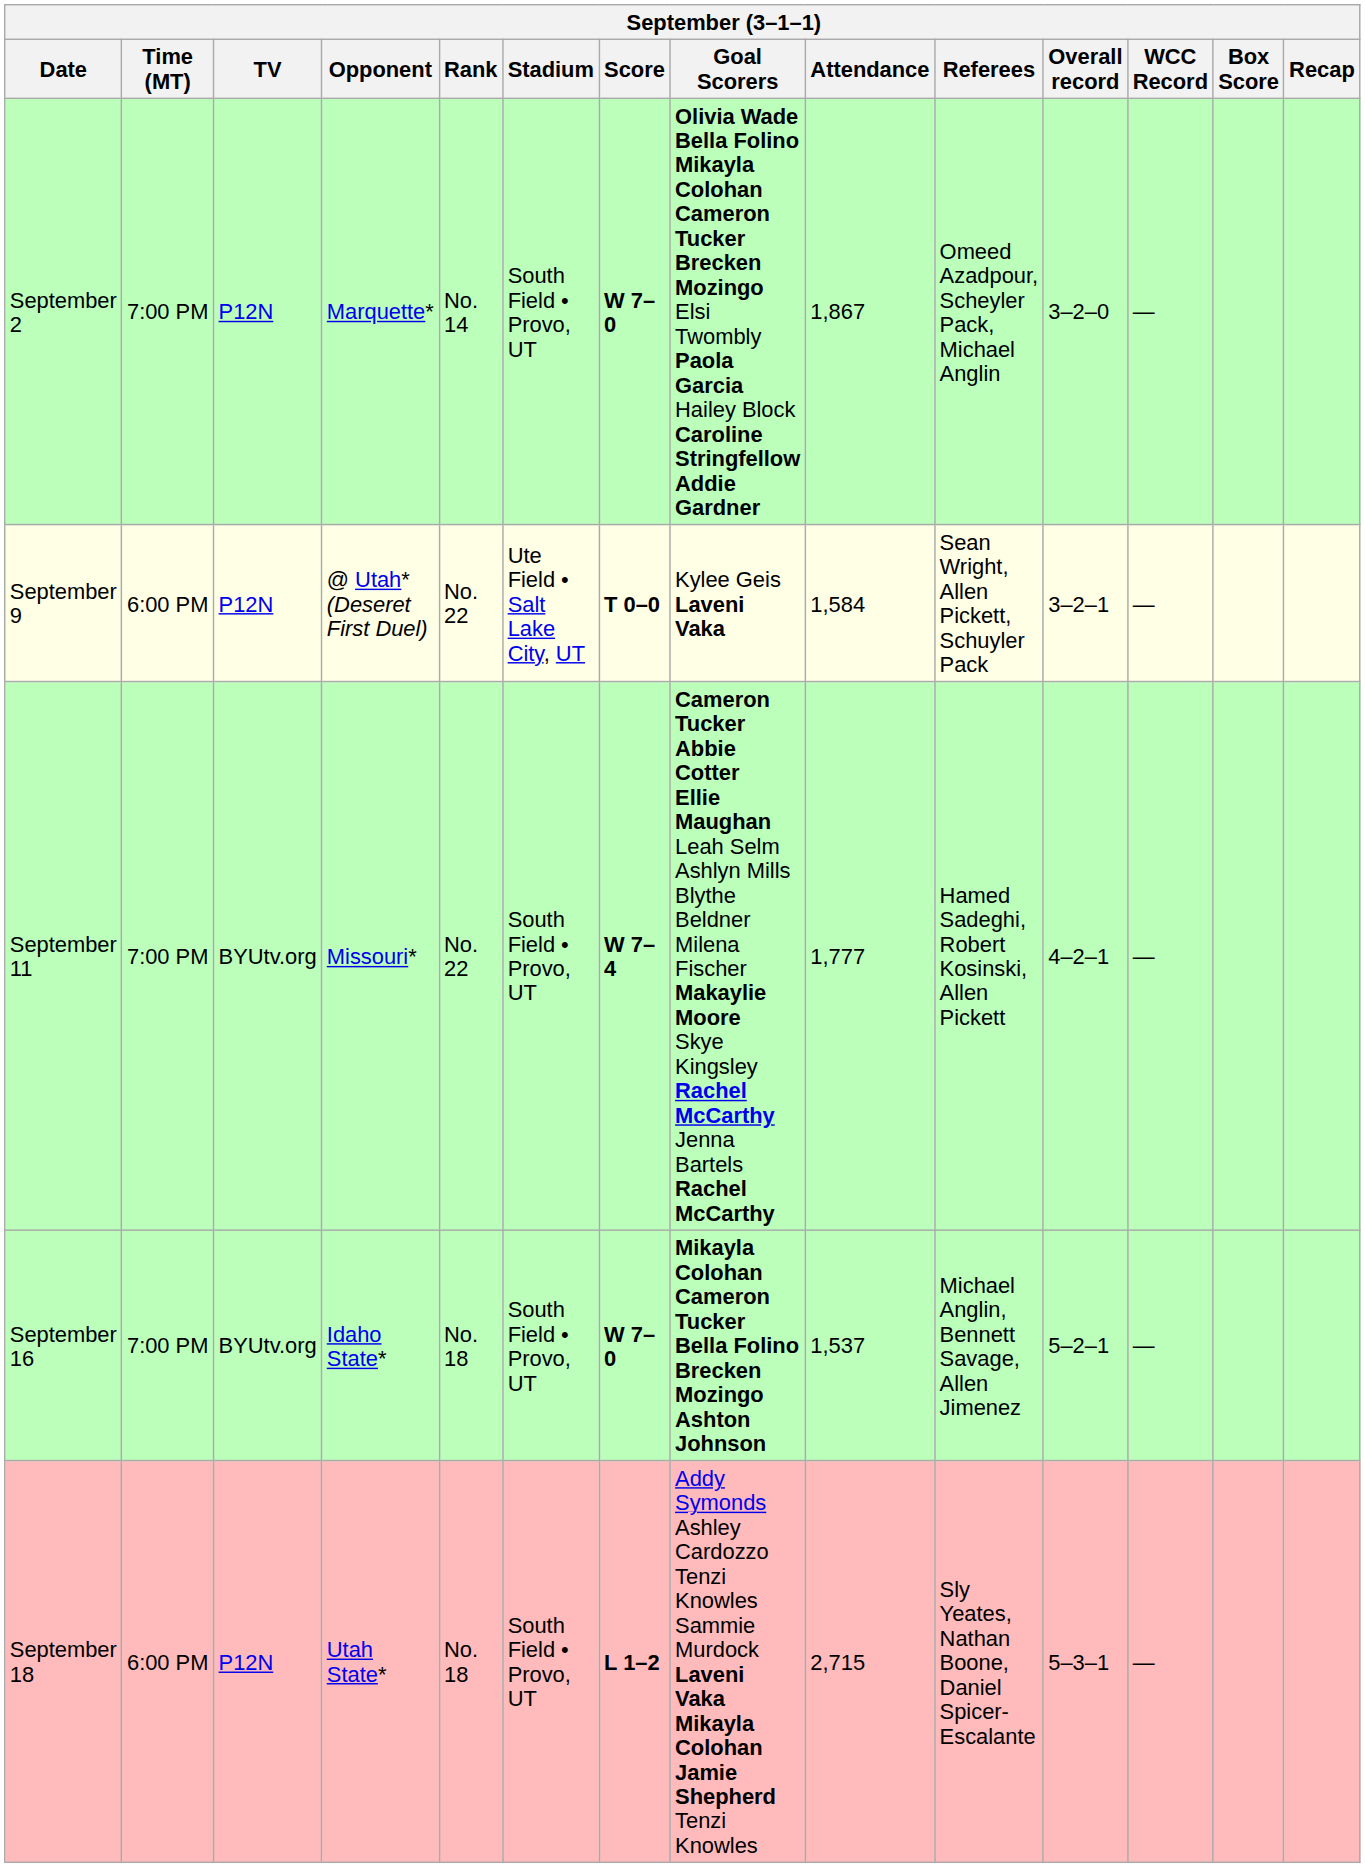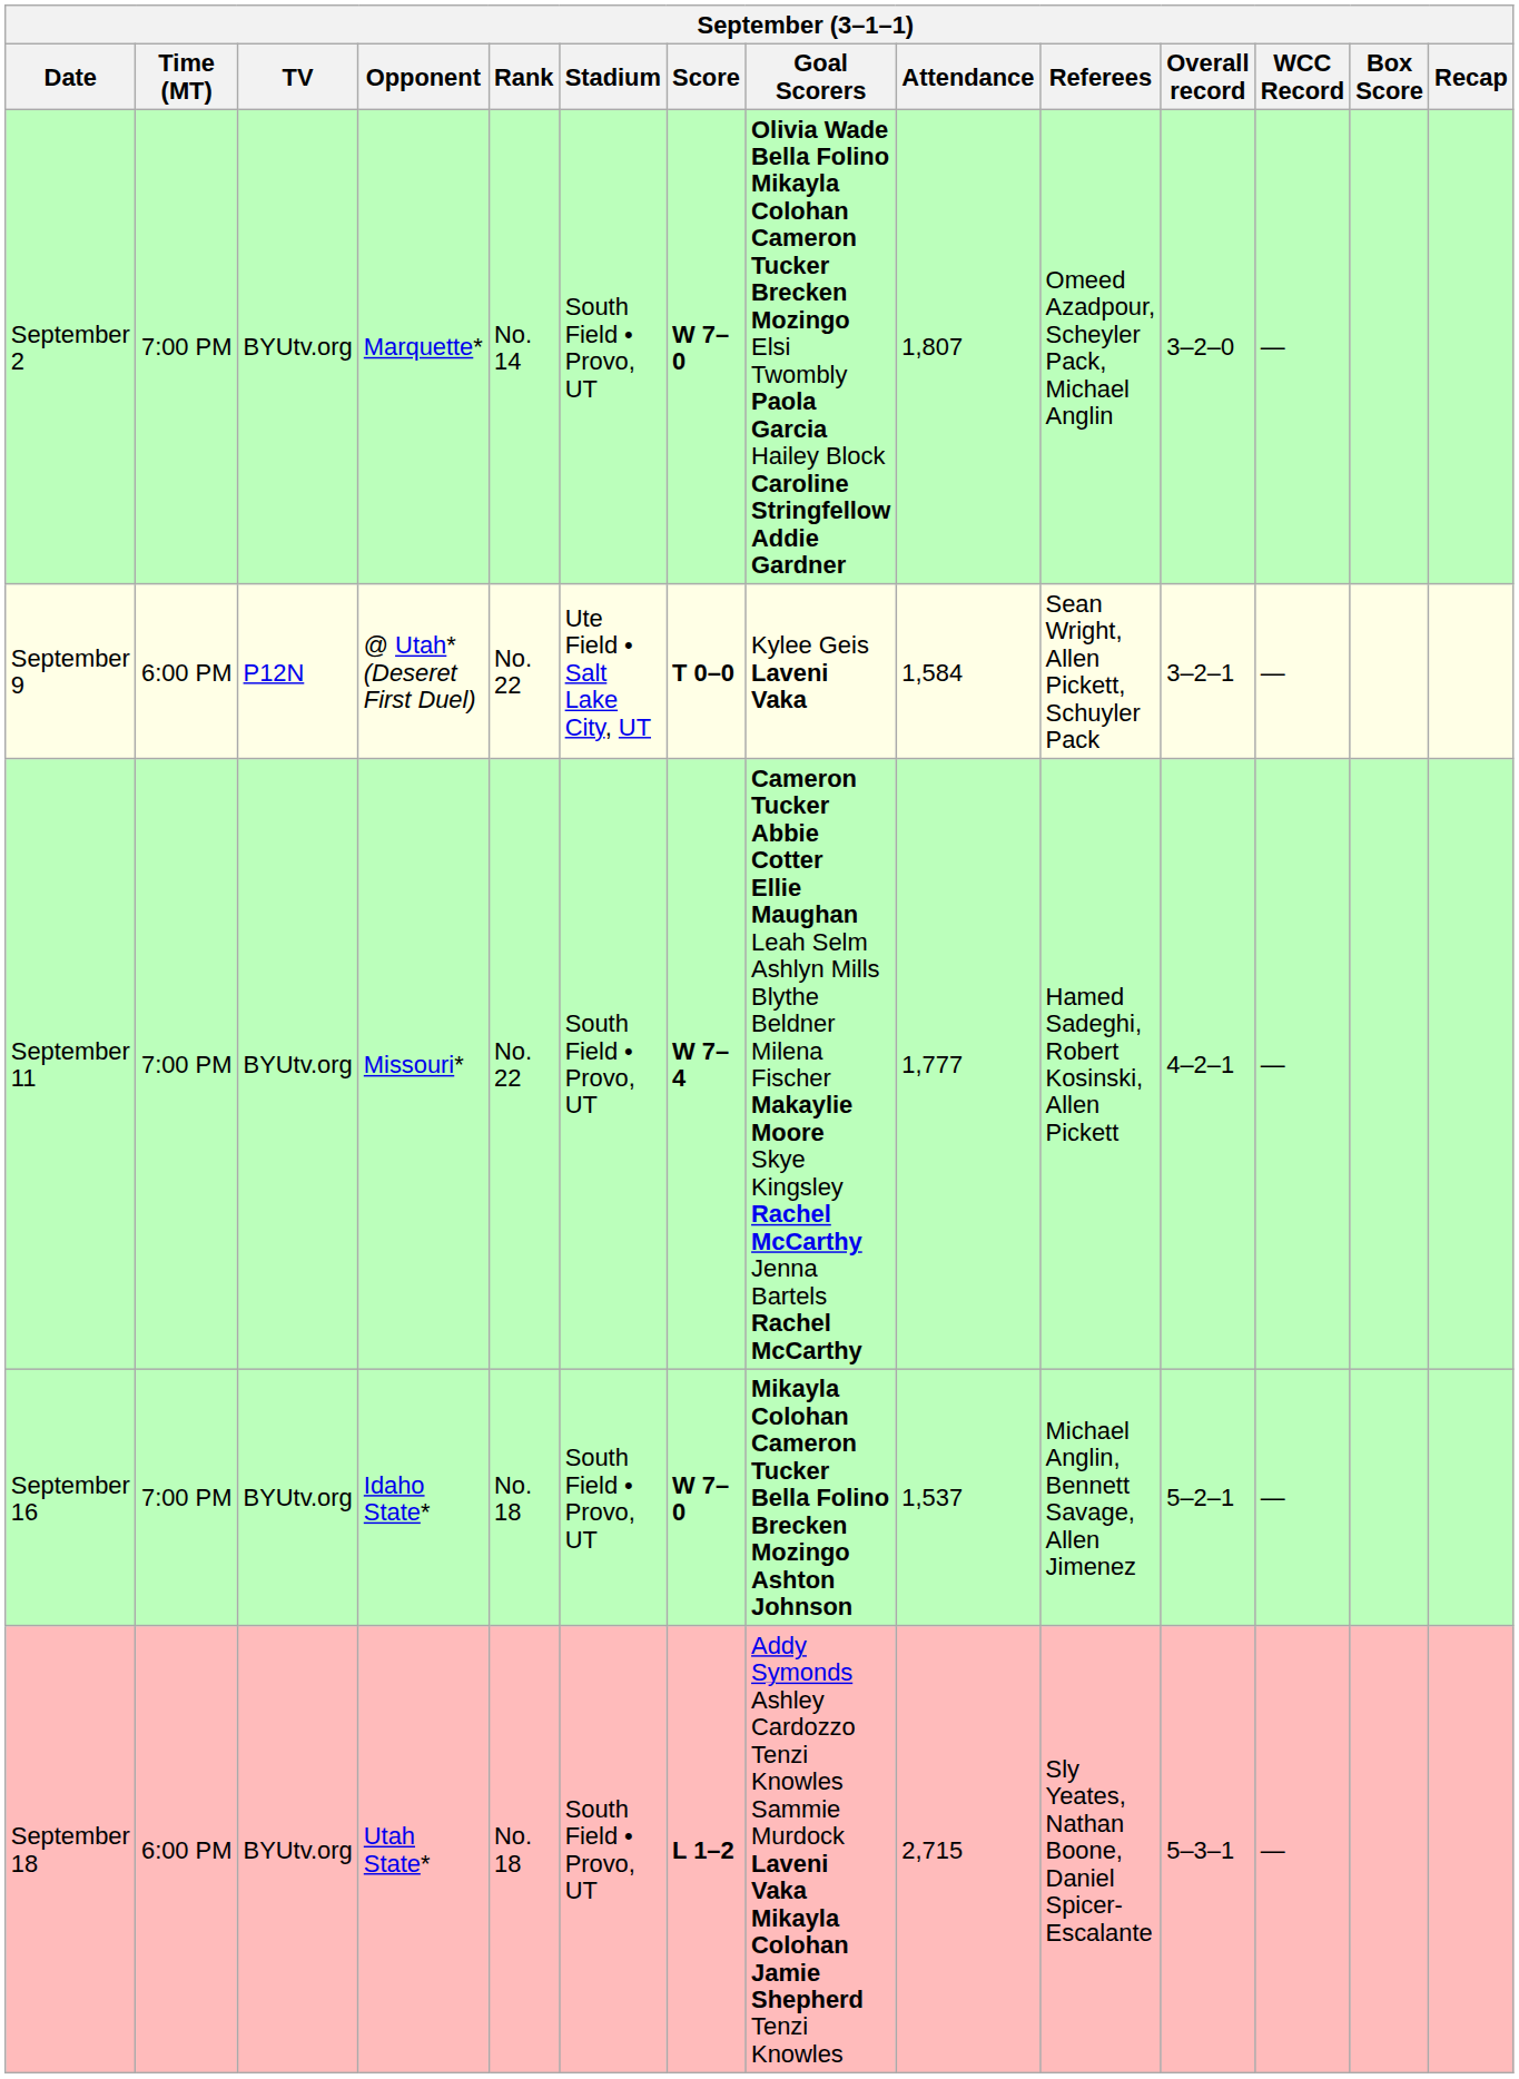 <table class="wikitable collapsible collapsed" style="margin:auto; font-size:95%; width:100%">
 <tr>
 <th colspan=14 style="padding-left:4em;">September (3–1–1)</th>
 </tr>
 <tr>
 <th>Date</th>
 <th>Time (MT)</th>
 <th>TV</th>
 <th>Opponent</th>
 <th>Rank</th>
 <th>Stadium</th>
 <th>Score</th>
 <th>Goal Scorers</th>
 <th>Attendance</th>
 <th>Referees</th>
 <th>Overall record</th>
 <th>WCC Record</th>
 <th>Box Score</th>
 <th>Recap</th>
 </tr>
 <tr bgcolor=bbffbb>
 <td>September 2</td>
 <td>7:00 PM</td>
-<td><a href='#'>P12N</a></td>
+<td>BYUtv.org</td>
 <td><a href='#'>Marquette</a>*</td>
 <td>No. 14</td>
 <td>South Field • Provo, UT</td>
 <td><strong>W 7–0</strong></td>
 <td><strong>Olivia Wade</strong> <br><strong>Bella Folino</strong> <br> <strong>Mikayla Colohan</strong>  <br> <strong>Cameron Tucker</strong> <br> <strong>Brecken Mozingo</strong> <br> Elsi Twombly <br> <strong>Paola Garcia</strong>  <br> Hailey Block <br><strong>Caroline Stringfellow</strong> <br> <strong>Addie Gardner</strong> </td>
-<td>1,867</td>
+<td>1,807</td>
 <td>Omeed Azadpour,<br> Scheyler Pack,<br> Michael Anglin</td>
 <td>3–2–0</td>
 <td>—</td>
 <td></td>
 <td></td>
 </tr>
 <tr bgcolor=ffffe6>
 <td>September 9</td>
 <td>6:00 PM</td>
 <td><a href='#'>P12N</a></td>
 <td>@ <a href='#'>Utah</a>*<br><em>(Deseret First Duel)</em></td>
 <td>No. 22</td>
 <td>Ute Field • <a href='#'>Salt Lake City</a>, <a href='#'>UT</a></td>
 <td><strong>T 0–0</strong></td>
 <td>Kylee Geis  <br> <strong>Laveni Vaka</strong> </td>
 <td>1,584</td>
 <td>Sean Wright,<br> Allen Pickett,<br> Schuyler Pack</td>
 <td>3–2–1</td>
 <td>—</td>
 <td></td>
 <td></td>
 </tr>
 <tr bgcolor=bbffbb>
 <td>September 11</td>
 <td>7:00 PM</td>
 <td>BYUtv.org</td>
 <td><a href='#'>Missouri</a>*</td>
 <td>No. 22</td>
 <td>South Field • Provo, UT</td>
 <td><strong>W 7–4</strong></td>
 <td><strong>Cameron Tucker</strong>  <br> <strong>Abbie Cotter</strong>  <br> <strong>Ellie Maughan</strong>  <br> Leah Selm  <br> Ashlyn Mills  <br> Blythe Beldner  <br> Milena Fischer  <br> <strong>Makaylie Moore</strong>  <br> Skye Kingsley  <br> <strong><a href='#'>Rachel McCarthy</a></strong>  <br> Jenna Bartels  <br> <strong>Rachel McCarthy</strong> </td>
 <td>1,777</td>
 <td>Hamed Sadeghi, <br> Robert Kosinski, <br> Allen Pickett</td>
 <td>4–2–1</td>
 <td>—</td>
 <td></td>
 <td></td>
 </tr>
 <tr bgcolor=bbffbb>
 <td>September 16</td>
 <td>7:00 PM</td>
 <td>BYUtv.org</td>
 <td><a href='#'>Idaho State</a>*</td>
 <td>No. 18</td>
 <td>South Field • Provo, UT</td>
 <td><strong>W 7–0</strong></td>
 <td><strong>Mikayla Colohan</strong> <br><strong>Cameron Tucker</strong> <br> <strong>Bella Folino</strong>  <br> <strong>Brecken Mozingo</strong> <br> <strong>Ashton Johnson</strong> </td>
 <td>1,537</td>
 <td>Michael Anglin, <br> Bennett Savage, <br> Allen Jimenez</td>
 <td>5–2–1</td>
 <td>—</td>
 <td></td>
 <td></td>
 </tr>
 <tr bgcolor=ffbbbb>
 <td>September 18</td>
 <td>6:00 PM</td>
-<td><a href='#'>P12N</a></td>
+<td>BYUtv.org</td>
 <td><a href='#'>Utah State</a>*</td>
 <td>No. 18</td>
 <td>South Field • Provo, UT</td>
 <td><strong>L 1–2</strong></td>
 <td><a href='#'>Addy Symonds</a> <br> Ashley Cardozzo <br> Tenzi Knowles  <br> Sammie Murdock <br> <strong>Laveni Vaka</strong> <br> <strong>Mikayla Colohan</strong> <br> <strong>Jamie Shepherd</strong>  <br> Tenzi Knowles </td>
 <td>2,715</td>
 <td>Sly Yeates, <br> Nathan Boone, <br> Daniel Spicer-Escalante</td>
 <td>5–3–1</td>
 <td>—</td>
 <td></td>
 <td></td>
 </tr>
 </table>
